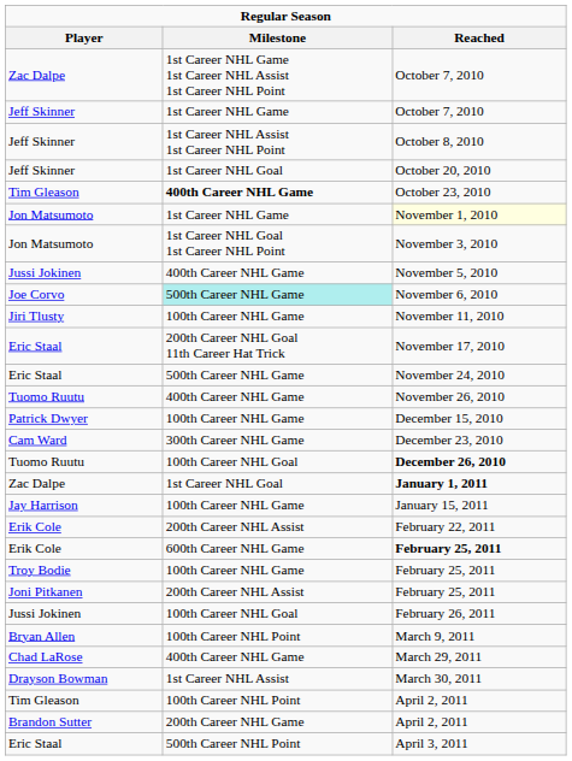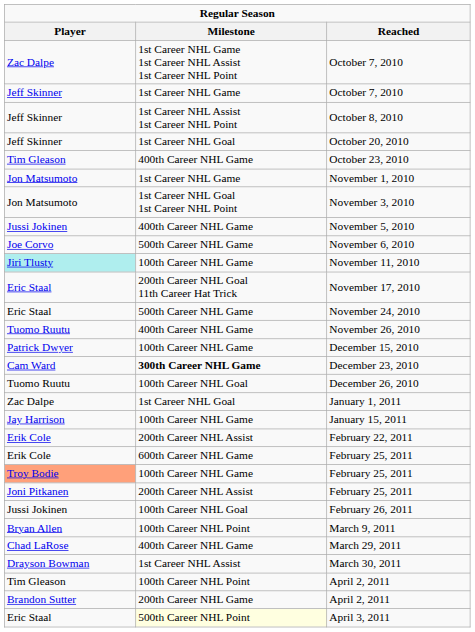 <table class="wikitable" width="52%">
 <tr>
 <td colspan="10" align="center"><strong>Regular Season</strong></td>
 </tr>
 <tr>
 <th>Player</th>
 <th>Milestone</th>
 <th>Reached</th>
 </tr>
 <tr>
 <td><a href='#'>Zac Dalpe</a></td>
 <td>1st Career NHL Game<br>1st Career NHL Assist<br>1st Career NHL Point</td>
 <td>October 7, 2010</td>
 </tr>
 <tr>
 <td><a href='#'>Jeff Skinner</a></td>
 <td>1st Career NHL Game</td>
 <td>October 7, 2010</td>
 </tr>
 <tr>
 <td>Jeff Skinner</td>
 <td>1st Career NHL Assist<br>1st Career NHL Point</td>
 <td>October 8, 2010</td>
 </tr>
 <tr>
 <td>Jeff Skinner</td>
 <td>1st Career NHL Goal</td>
 <td>October 20, 2010</td>
 </tr>
 <tr>
 <td><a href='#'>Tim Gleason</a></td>
-<td><strong>400th Career NHL Game</strong></td>
+<td>400th Career NHL Game</td>
 <td>October 23, 2010</td>
 </tr>
 <tr>
 <td><a href='#'>Jon Matsumoto</a></td>
 <td>1st Career NHL Game</td>
-<td style="background: lightyellow;">November 1, 2010</td>
+<td>November 1, 2010</td>
 </tr>
 <tr>
 <td>Jon Matsumoto</td>
 <td>1st Career NHL Goal<br>1st Career NHL Point</td>
 <td>November 3, 2010</td>
 </tr>
 <tr>
 <td><a href='#'>Jussi Jokinen</a></td>
 <td>400th Career NHL Game</td>
 <td>November 5, 2010</td>
 </tr>
 <tr>
 <td><a href='#'>Joe Corvo</a></td>
-<td style="background: paleturquoise;">500th Career NHL Game</td>
+<td>500th Career NHL Game</td>
 <td>November 6, 2010</td>
 </tr>
 <tr>
-<td><a href='#'>Jiri Tlusty</a></td>
+<td style="background: paleturquoise;"><a href='#'>Jiri Tlusty</a></td>
 <td>100th Career NHL Game</td>
 <td>November 11, 2010</td>
 </tr>
 <tr>
 <td><a href='#'>Eric Staal</a></td>
 <td>200th Career NHL Goal<br>11th Career Hat Trick</td>
 <td>November 17, 2010</td>
 </tr>
 <tr>
 <td>Eric Staal</td>
 <td>500th Career NHL Game</td>
 <td>November 24, 2010</td>
 </tr>
 <tr>
 <td><a href='#'>Tuomo Ruutu</a></td>
 <td>400th Career NHL Game</td>
 <td>November 26, 2010</td>
 </tr>
 <tr>
 <td><a href='#'>Patrick Dwyer</a></td>
 <td>100th Career NHL Game</td>
 <td>December 15, 2010</td>
 </tr>
 <tr>
 <td><a href='#'>Cam Ward</a></td>
-<td>300th Career NHL Game</td>
+<td><strong>300th Career NHL Game</strong></td>
 <td>December 23, 2010</td>
 </tr>
 <tr>
 <td>Tuomo Ruutu</td>
 <td>100th Career NHL Goal</td>
-<td><strong>December 26, 2010</strong></td>
+<td>December 26, 2010</td>
 </tr>
 <tr>
 <td>Zac Dalpe</td>
 <td>1st Career NHL Goal</td>
-<td><strong>January 1, 2011</strong></td>
+<td>January 1, 2011</td>
 </tr>
 <tr>
 <td><a href='#'>Jay Harrison</a></td>
 <td>100th Career NHL Game</td>
 <td>January 15, 2011</td>
 </tr>
 <tr>
 <td><a href='#'>Erik Cole</a></td>
 <td>200th Career NHL Assist</td>
 <td>February 22, 2011</td>
 </tr>
 <tr>
 <td>Erik Cole</td>
 <td>600th Career NHL Game</td>
-<td><strong>February 25, 2011</strong></td>
+<td>February 25, 2011</td>
 </tr>
 <tr>
-<td><a href='#'>Troy Bodie</a></td>
+<td style="background: lightsalmon;"><a href='#'>Troy Bodie</a></td>
 <td>100th Career NHL Game</td>
 <td>February 25, 2011</td>
 </tr>
 <tr>
 <td><a href='#'>Joni Pitkanen</a></td>
 <td>200th Career NHL Assist</td>
 <td>February 25, 2011</td>
 </tr>
 <tr>
 <td>Jussi Jokinen</td>
 <td>100th Career NHL Goal</td>
 <td>February 26, 2011</td>
 </tr>
 <tr>
 <td><a href='#'>Bryan Allen</a></td>
 <td>100th Career NHL Point</td>
 <td>March 9, 2011</td>
 </tr>
 <tr>
 <td><a href='#'>Chad LaRose</a></td>
 <td>400th Career NHL Game</td>
 <td>March 29, 2011</td>
 </tr>
 <tr>
 <td><a href='#'>Drayson Bowman</a></td>
 <td>1st Career NHL Assist</td>
 <td>March 30, 2011</td>
 </tr>
 <tr>
 <td>Tim Gleason</td>
 <td>100th Career NHL Point</td>
 <td>April 2, 2011</td>
 </tr>
 <tr>
 <td><a href='#'>Brandon Sutter</a></td>
 <td>200th Career NHL Game</td>
 <td>April 2, 2011</td>
 </tr>
 <tr>
 <td>Eric Staal</td>
-<td>500th Career NHL Point</td>
+<td style="background: lightyellow;">500th Career NHL Point</td>
 <td>April 3, 2011</td>
 </tr>
 </table>
